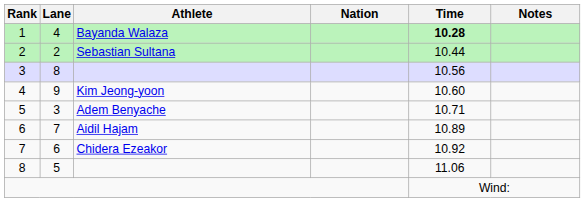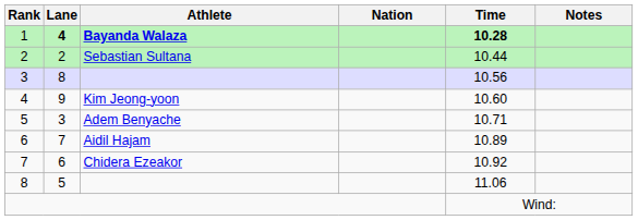 <table class="wikitable sortable" style="text-align:center;width: 60%;">
 <tr>
 <th scope="col" style="width: 10px;">Rank</th>
 <th scope="col" style="width: 10px;">Lane</th>
 <th scope="col">Athlete</th>
 <th scope="col">Nation</th>
 <th scope="col">Time</th>
 <th scope="col">Notes</th>
 </tr>
 <tr bgcolor=bbf3bb>
 <td>1</td>
-<td>4</td>
-<td align=left><a href='#'>Bayanda Walaza</a></td>
+<td><strong>4</strong></td>
+<td align=left><strong><a href='#'>Bayanda Walaza</a></strong></td>
 <td align=left></td>
 <td><strong>10.28</strong></td>
 <td></td>
 </tr>
 <tr bgcolor=bbf3bb>
 <td>2</td>
 <td>2</td>
 <td align=left><a href='#'>Sebastian Sultana</a></td>
 <td align=left></td>
 <td>10.44</td>
 <td></td>
 </tr>
 <tr bgcolor=ddddff>
 <td>3</td>
 <td>8</td>
 <td align=left></td>
 <td align=left></td>
 <td>10.56</td>
 <td></td>
 </tr>
 <tr>
 <td>4</td>
 <td>9</td>
 <td align=left><a href='#'>Kim Jeong-yoon</a></td>
 <td align=left></td>
 <td>10.60</td>
 <td></td>
 </tr>
 <tr>
 <td>5</td>
 <td>3</td>
 <td align=left><a href='#'>Adem Benyache</a></td>
 <td align=left></td>
 <td>10.71</td>
 <td></td>
 </tr>
 <tr>
 <td>6</td>
 <td>7</td>
 <td align=left><a href='#'>Aidil Hajam</a></td>
 <td align=left></td>
 <td>10.89</td>
 <td></td>
 </tr>
 <tr>
 <td>7</td>
 <td>6</td>
 <td align=left><a href='#'>Chidera Ezeakor</a></td>
 <td align=left></td>
 <td>10.92</td>
 <td></td>
 </tr>
 <tr>
 <td>8</td>
 <td>5</td>
 <td align=left></td>
 <td align=left></td>
 <td>11.06</td>
 <td></td>
 </tr>
 <tr class="sortbottom">
 <td colspan="4"></td>
 <td colspan="2">Wind: </td>
 </tr>
 </table>
